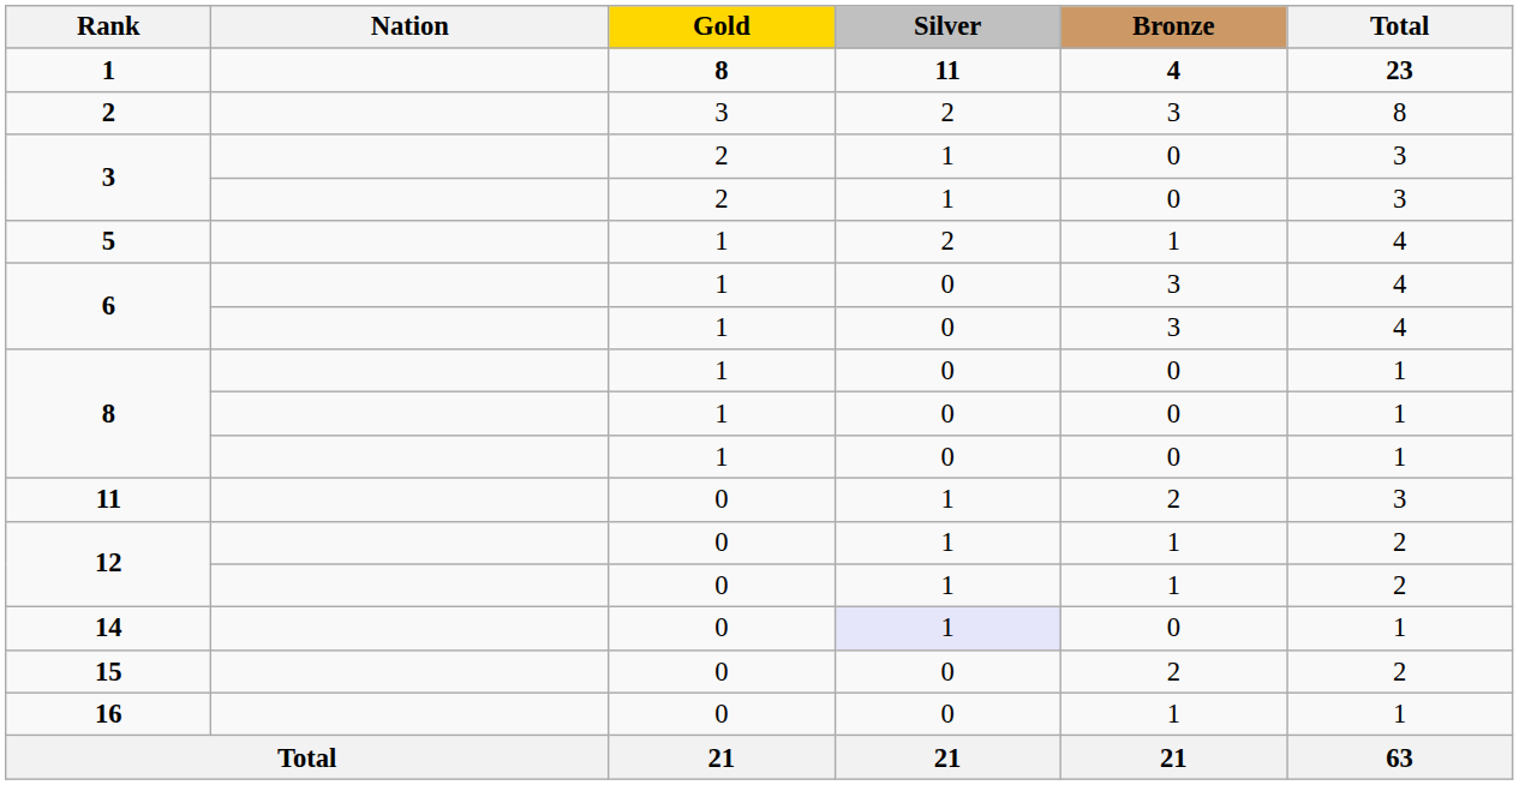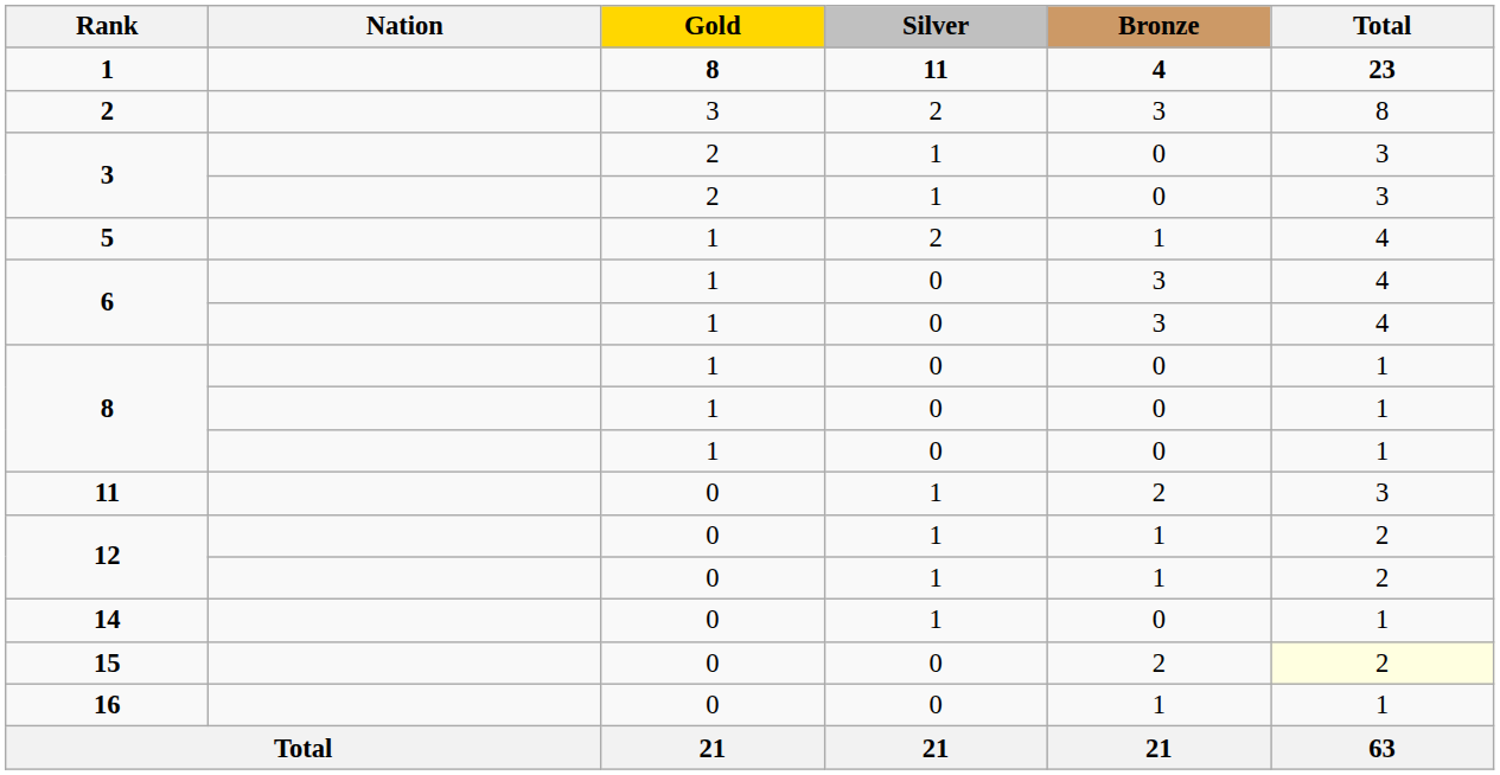 <table class="wikitable collapsible autocollapse plainrowheaders" width=70.5% style="text-align:center;">
 <tr style="background-color:#EDEDED;">
 <th width=100px class="hintergrundfarbe5">Rank</th>
 <th width=200px class="hintergrundfarbe6">Nation</th>
 <th style="background:    gold; width:15%">Gold</th>
 <th style="background:  silver; width:15%">Silver</th>
 <th style="background: #CC9966; width:15%">Bronze</th>
 <th class="hintergrundfarbe6" style="width:15%">Total</th>
 </tr>
 <tr>
 <td><strong>1</strong></td>
 <td align=left></td>
 <td><strong>8</strong></td>
 <td><strong>11</strong></td>
 <td><strong>4</strong></td>
 <td><strong>23</strong></td>
 </tr>
 <tr>
 <td><strong>2</strong></td>
 <td align=left></td>
 <td>3</td>
 <td>2</td>
 <td>3</td>
 <td>8</td>
 </tr>
 <tr>
 <td rowspan=2><strong>3</strong></td>
 <td align=left></td>
 <td>2</td>
 <td>1</td>
 <td>0</td>
 <td>3</td>
 </tr>
 <tr>
 <td align=left></td>
 <td>2</td>
 <td>1</td>
 <td>0</td>
 <td>3</td>
 </tr>
 <tr>
 <td><strong>5</strong></td>
 <td align=left></td>
 <td>1</td>
 <td>2</td>
 <td>1</td>
 <td>4</td>
 </tr>
 <tr>
 <td rowspan=2><strong>6</strong></td>
 <td align=left></td>
 <td>1</td>
 <td>0</td>
 <td>3</td>
 <td>4</td>
 </tr>
 <tr>
 <td align=left><em></em></td>
 <td>1</td>
 <td>0</td>
 <td>3</td>
 <td>4</td>
 </tr>
 <tr>
 <td rowspan=3><strong>8</strong></td>
 <td align=left></td>
 <td>1</td>
 <td>0</td>
 <td>0</td>
 <td>1</td>
 </tr>
 <tr>
 <td align=left></td>
 <td>1</td>
 <td>0</td>
 <td>0</td>
 <td>1</td>
 </tr>
 <tr>
 <td align=left></td>
 <td>1</td>
 <td>0</td>
 <td>0</td>
 <td>1</td>
 </tr>
 <tr>
 <td><strong>11</strong></td>
 <td align=left></td>
 <td>0</td>
 <td>1</td>
 <td>2</td>
 <td>3</td>
 </tr>
 <tr>
 <td rowspan=2><strong>12</strong></td>
 <td align=left></td>
 <td>0</td>
 <td>1</td>
 <td>1</td>
 <td>2</td>
 </tr>
 <tr>
 <td align=left></td>
 <td>0</td>
 <td>1</td>
 <td>1</td>
 <td>2</td>
 </tr>
 <tr>
 <td><strong>14</strong></td>
 <td align=left></td>
 <td>0</td>
-<td style="background: lavender;">1</td>
+<td>1</td>
 <td>0</td>
 <td>1</td>
 </tr>
 <tr>
 <td><strong>15</strong></td>
 <td align=left></td>
 <td>0</td>
 <td>0</td>
 <td>2</td>
-<td>2</td>
+<td style="background: lightyellow;">2</td>
 </tr>
 <tr>
 <td><strong>16</strong></td>
 <td align=left></td>
 <td>0</td>
 <td>0</td>
 <td>1</td>
 <td>1</td>
 </tr>
 <tr>
 <th colspan=2>Total</th>
 <th>21</th>
 <th>21</th>
 <th>21</th>
 <th>63</th>
 </tr>
 </table>
